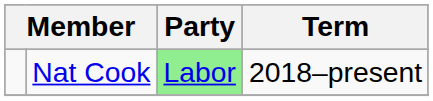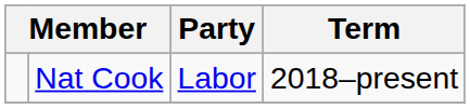 <table class="wikitable">
 <tr>
 <th colspan="2">Member</th>
 <th>Party</th>
 <th>Term</th>
 </tr>
 <tr>
 <td> </td>
 <td><a href='#'>Nat Cook</a></td>
-<td style="background: lightgreen;"><a href='#'>Labor</a></td>
+<td><a href='#'>Labor</a></td>
 <td>2018–present</td>
 </tr>
 <tr>
 </tr>
 </table>
